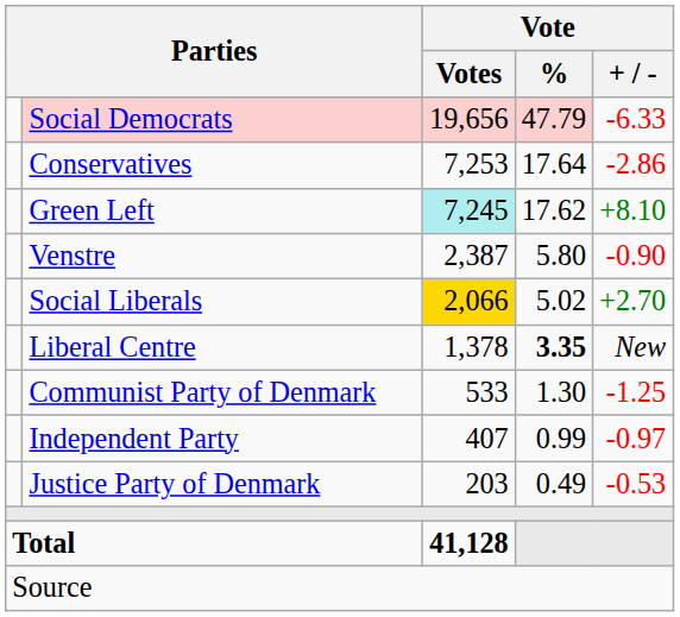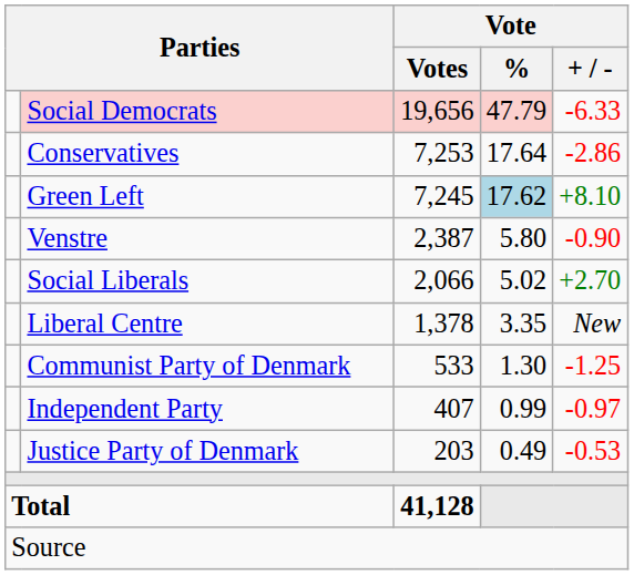 <table class="wikitable" style="text-align:right;">
 <tr>
 <th style="text-align:centre;" rowspan="2" colspan="2" width="225">Parties</th>
 <th colspan="3">Vote</th>
 </tr>
 <tr>
 <th width="15">Votes</th>
 <th width="15">%</th>
 <th width="15">+ / -</th>
 </tr>
 <tr>
 <td width="2" style="color:inherit;background:"></td>
 <td bgcolor=#fbd0ce  align="left"><a href='#'>Social Democrats</a></td>
 <td bgcolor=#fbd0ce>19,656</td>
 <td bgcolor=#fbd0ce>47.79</td>
 <td style=color:red;>-6.33</td>
 </tr>
 <tr>
 <td width="2" style="color:inherit;background:"></td>
 <td align="left"><a href='#'>Conservatives</a></td>
 <td>7,253</td>
 <td>17.64</td>
 <td style=color:red;>-2.86</td>
 </tr>
 <tr>
 <td width="2" style="color:inherit;background:"></td>
 <td align="left"><a href='#'>Green Left</a></td>
-<td style="background: paleturquoise;">7,245</td>
-<td>17.62</td>
+<td>7,245</td>
+<td style="background: lightblue;">17.62</td>
 <td style=color:green;>+8.10</td>
 </tr>
 <tr>
 <td width="2" style="color:inherit;background:"></td>
 <td align="left"><a href='#'>Venstre</a></td>
 <td>2,387</td>
 <td>5.80</td>
 <td style=color:red;>-0.90</td>
 </tr>
 <tr>
 <td width="2" style="color:inherit;background:"></td>
 <td align="left"><a href='#'>Social Liberals</a></td>
-<td style="background: gold;">2,066</td>
+<td>2,066</td>
 <td>5.02</td>
 <td style=color:green;>+2.70</td>
 </tr>
 <tr>
 <td width="2" style="color:inherit;background:"></td>
 <td align="left"><a href='#'>Liberal Centre</a></td>
 <td>1,378</td>
-<td><strong>3.35</strong></td>
+<td>3.35</td>
 <td><em>New</em></td>
 </tr>
 <tr>
 <td width="2" style="color:inherit;background:"></td>
 <td align="left"><a href='#'>Communist Party of Denmark</a></td>
 <td>533</td>
 <td>1.30</td>
 <td style=color:red;>-1.25</td>
 </tr>
 <tr>
 <td width="2" style="color:inherit;background:"></td>
 <td align="left"><a href='#'>Independent Party</a></td>
 <td>407</td>
 <td>0.99</td>
 <td style=color:red;>-0.97</td>
 </tr>
 <tr>
 <td width="2" style="color:inherit;background:"></td>
 <td align="left"><a href='#'>Justice Party of Denmark</a></td>
 <td>203</td>
 <td>0.49</td>
 <td style=color:red;>-0.53</td>
 </tr>
 <tr>
 <td colspan="7" bgcolor="#E9E9E9"></td>
 </tr>
 <tr>
 <td align="left" colspan="2"><strong>Total</strong></td>
 <td><strong>41,128</strong></td>
 <td bgcolor="#E9E9E9" colspan="2"></td>
 </tr>
 <tr>
 <td align="left" colspan="6">Source</td>
 </tr>
 </table>
